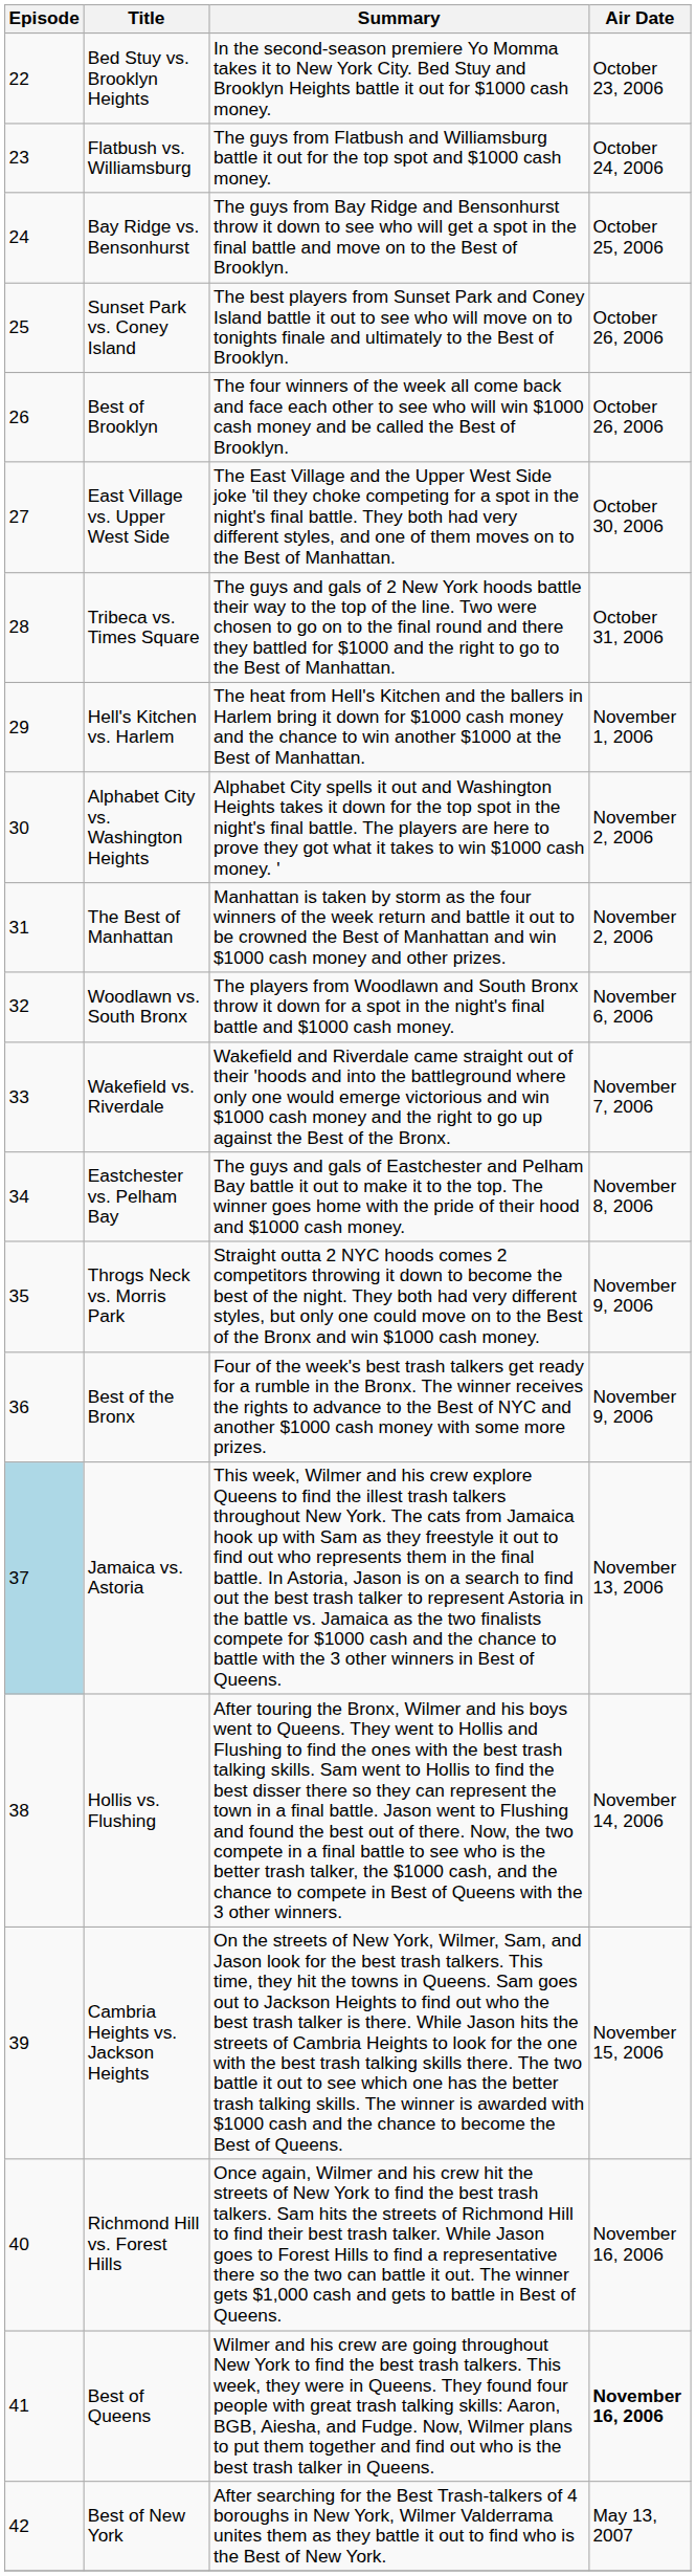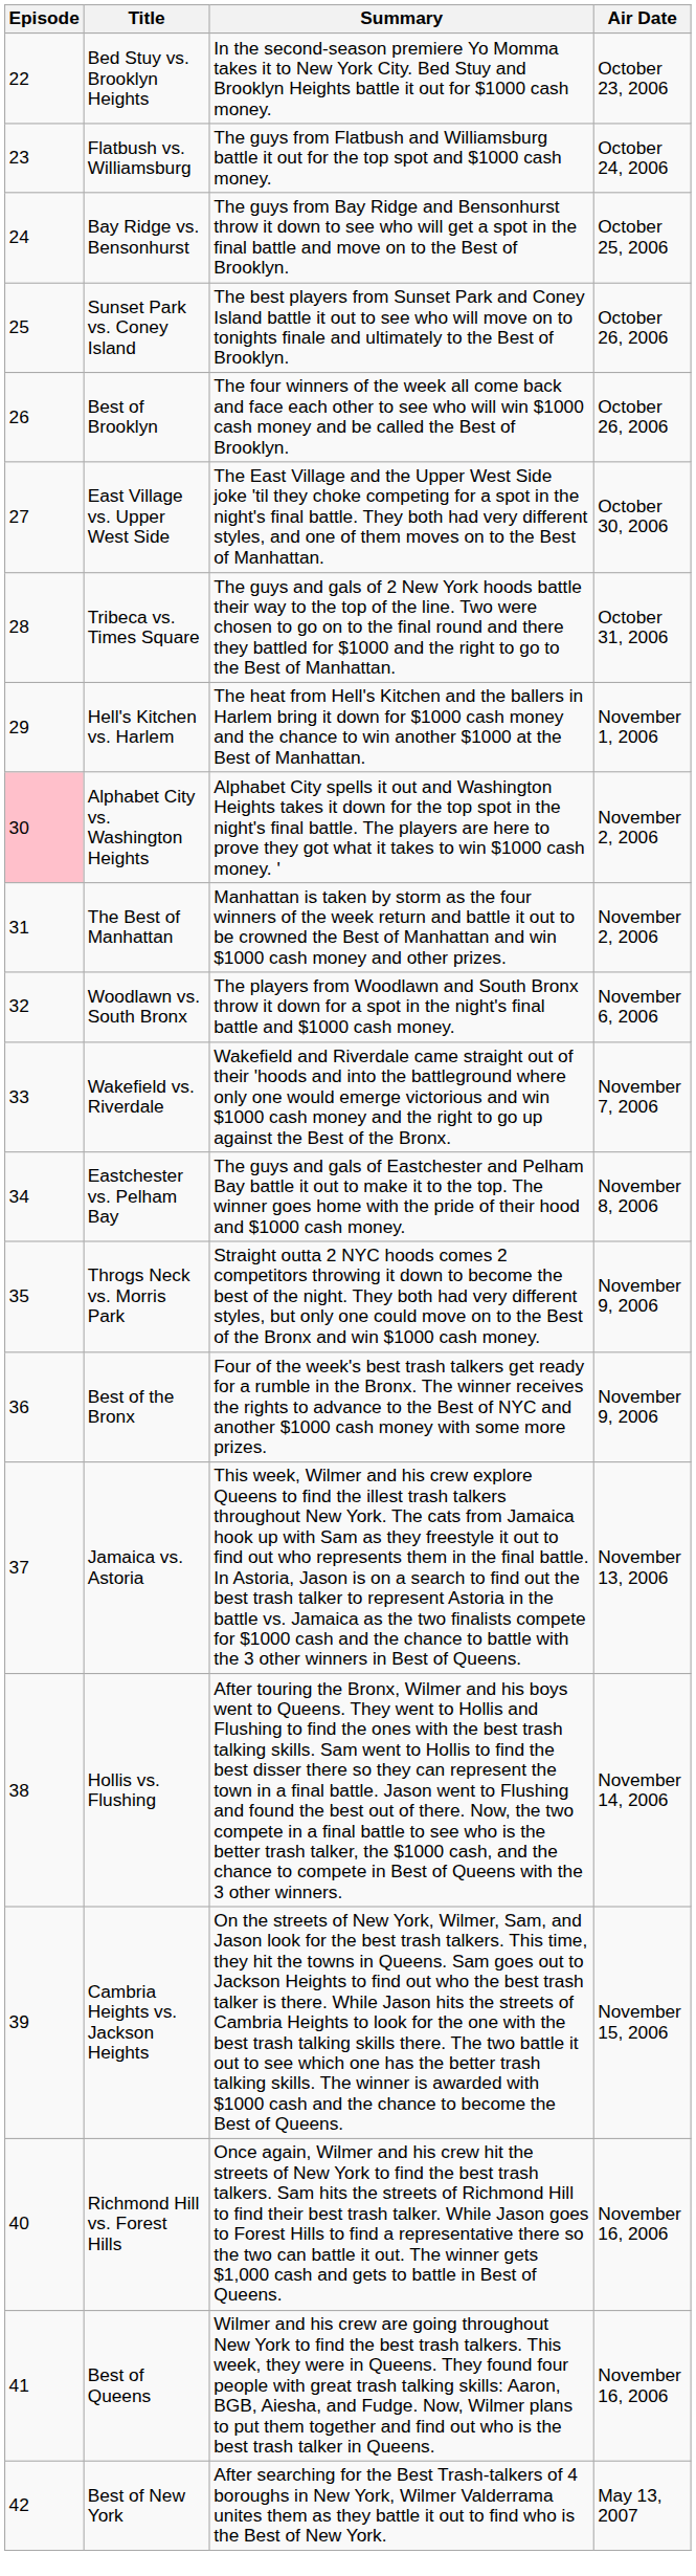 <table class="wikitable">
 <tr>
 <th>Episode</th>
 <th>Title</th>
 <th>Summary</th>
 <th>Air Date</th>
 </tr>
 <tr>
 <td>22</td>
 <td>Bed Stuy vs. Brooklyn Heights</td>
 <td>In the second-season premiere Yo Momma takes it to New York City. Bed Stuy and Brooklyn Heights battle it out for $1000 cash money.</td>
 <td>October 23, 2006</td>
 </tr>
 <tr>
 <td>23</td>
 <td>Flatbush vs. Williamsburg</td>
 <td>The guys from Flatbush and Williamsburg battle it out for the top spot and $1000 cash money.</td>
 <td>October 24, 2006</td>
 </tr>
 <tr>
 <td>24</td>
 <td>Bay Ridge vs. Bensonhurst</td>
 <td>The guys from Bay Ridge and Bensonhurst throw it down to see who will get a spot in the final battle and move on to the Best of Brooklyn.</td>
 <td>October 25, 2006</td>
 </tr>
 <tr>
 <td>25</td>
 <td>Sunset Park vs. Coney Island</td>
 <td>The best players from Sunset Park and Coney Island battle it out to see who will move on to tonights finale and ultimately to the Best of Brooklyn.</td>
 <td>October 26, 2006</td>
 </tr>
 <tr>
 <td>26</td>
 <td>Best of Brooklyn</td>
 <td>The four winners of the week all come back and face each other to see who will win $1000 cash money and be called the Best of Brooklyn.</td>
 <td>October 26, 2006</td>
 </tr>
 <tr>
 <td>27</td>
 <td>East Village vs. Upper West Side</td>
 <td>The East Village and the Upper West Side joke 'til they choke competing for a spot in the night's final battle. They both had very different styles, and one of them moves on to the Best of Manhattan.</td>
 <td>October 30, 2006</td>
 </tr>
 <tr>
 <td>28</td>
 <td>Tribeca vs. Times Square</td>
 <td>The guys and gals of 2 New York hoods battle their way to the top of the line. Two were chosen to go on to the final round and there they battled for $1000 and the right to go to the Best of Manhattan.</td>
 <td>October 31, 2006</td>
 </tr>
 <tr>
 <td>29</td>
 <td>Hell's Kitchen vs. Harlem</td>
 <td>The heat from Hell's Kitchen and the ballers in Harlem bring it down for $1000 cash money and the chance to win another $1000 at the Best of Manhattan.</td>
 <td>November 1, 2006</td>
 </tr>
 <tr>
-<td>30</td>
+<td style="background: pink;">30</td>
 <td>Alphabet City vs. Washington Heights</td>
 <td>Alphabet City spells it out and Washington Heights takes it down for the top spot in the night's final battle. The players are here to prove they got what it takes to win $1000 cash money. '</td>
 <td>November 2, 2006</td>
 </tr>
 <tr>
 <td>31</td>
 <td>The Best of Manhattan</td>
 <td>Manhattan is taken by storm as the four winners of the week return and battle it out to be crowned the Best of Manhattan and win $1000 cash money and other prizes.</td>
 <td>November 2, 2006</td>
 </tr>
 <tr>
 <td>32</td>
 <td>Woodlawn vs. South Bronx</td>
 <td>The players from Woodlawn and South Bronx throw it down for a spot in the night's final battle and $1000 cash money.</td>
 <td>November 6, 2006</td>
 </tr>
 <tr>
 <td>33</td>
 <td>Wakefield vs. Riverdale</td>
 <td>Wakefield and Riverdale came straight out of their 'hoods and into the battleground where only one would emerge victorious and win $1000 cash money and the right to go up against the Best of the Bronx.</td>
 <td>November 7, 2006</td>
 </tr>
 <tr>
 <td>34</td>
 <td>Eastchester vs. Pelham Bay</td>
 <td>The guys and gals of Eastchester and Pelham Bay battle it out to make it to the top. The winner goes home with the pride of their hood and $1000 cash money.</td>
 <td>November 8, 2006</td>
 </tr>
 <tr>
 <td>35</td>
 <td>Throgs Neck vs. Morris Park</td>
 <td>Straight outta 2 NYC hoods comes 2 competitors throwing it down to become the best of the night. They both had very different styles, but only one could move on to the Best of the Bronx and win $1000 cash money.</td>
 <td>November 9, 2006</td>
 </tr>
 <tr>
 <td>36</td>
 <td>Best of the Bronx</td>
 <td>Four of the week's best trash talkers get ready for a rumble in the Bronx. The winner receives the rights to advance to the Best of NYC and another $1000 cash money with some more prizes.</td>
 <td>November 9, 2006</td>
 </tr>
 <tr>
-<td style="background: lightblue;">37</td>
+<td>37</td>
 <td>Jamaica vs. Astoria</td>
 <td>This week, Wilmer and his crew explore Queens to find the illest trash talkers throughout New York. The cats from Jamaica hook up with Sam as they freestyle it out to find out who represents them in the final battle. In Astoria, Jason is on a search to find out the best trash talker to represent Astoria in the battle vs. Jamaica as the two finalists compete for $1000 cash and the chance to battle with the 3 other winners in Best of Queens.</td>
 <td>November 13, 2006</td>
 </tr>
 <tr>
 <td>38</td>
 <td>Hollis vs. Flushing</td>
 <td>After touring the Bronx, Wilmer and his boys went to Queens. They went to Hollis and Flushing to find the ones with the best trash talking skills. Sam went to Hollis to find the best disser there so they can represent the town in a final battle. Jason went to Flushing and found the best out of there. Now, the two compete in a final battle to see who is the better trash talker, the $1000 cash, and the chance to compete in Best of Queens with the 3 other winners.</td>
 <td>November 14, 2006</td>
 </tr>
 <tr>
 <td>39</td>
 <td>Cambria Heights vs. Jackson Heights</td>
 <td>On the streets of New York, Wilmer, Sam, and Jason look for the best trash talkers. This time, they hit the towns in Queens. Sam goes out to Jackson Heights to find out who the best trash talker is there. While Jason hits the streets of Cambria Heights to look for the one with the best trash talking skills there. The two battle it out to see which one has the better trash talking skills. The winner is awarded with $1000 cash and the chance to become the Best of Queens.</td>
 <td>November 15, 2006</td>
 </tr>
 <tr>
 <td>40</td>
 <td>Richmond Hill vs. Forest Hills</td>
 <td>Once again, Wilmer and his crew hit the streets of New York to find the best trash talkers. Sam hits the streets of Richmond Hill to find their best trash talker. While Jason goes to Forest Hills to find a representative there so the two can battle it out. The winner gets $1,000 cash and gets to battle in Best of Queens.</td>
 <td>November 16, 2006</td>
 </tr>
 <tr>
 <td>41</td>
 <td>Best of Queens</td>
 <td>Wilmer and his crew are going throughout New York to find the best trash talkers. This week, they were in Queens. They found four people with great trash talking skills: Aaron, BGB, Aiesha, and Fudge. Now, Wilmer plans to put them together and find out who is the best trash talker in Queens.</td>
-<td><strong>November 16, 2006</strong></td>
+<td>November 16, 2006</td>
 </tr>
 <tr>
 <td>42</td>
 <td>Best of New York</td>
 <td>After searching for the Best Trash-talkers of 4 boroughs in New York, Wilmer Valderrama unites them as they battle it out to find who is the Best of New York.</td>
 <td>May 13, 2007</td>
 </tr>
 <tr>
 </tr>
 </table>
